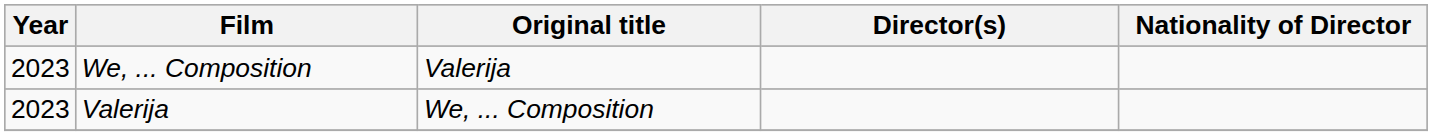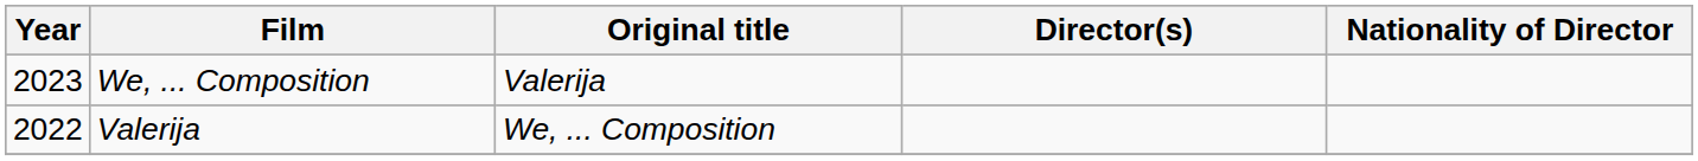 <table class="wikitable sortable">
 <tr>
 <th style="width:30px;">Year</th>
 <th style="width:200px;">Film</th>
 <th style="width:200px;">Original title</th>
 <th style="width:210px;">Director(s)</th>
 <th style="width:180px;">Nationality of Director</th>
 </tr>
 <tr>
 <td>2023</td>
 <td><em>We, ... Composition</em></td>
 <td><em>Valerija</em></td>
 <td></td>
 <td></td>
 </tr>
 <tr>
-<td>2023</td>
+<td>2022</td>
 <td><em>Valerija</em></td>
 <td><em>We, ... Composition</em></td>
 <td></td>
 <td></td>
 </tr>
 <tr>
 </tr>
 </table>
